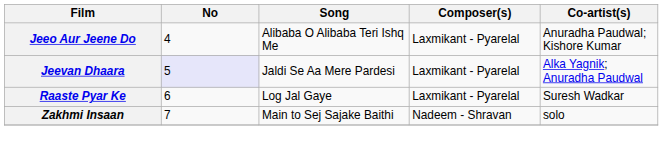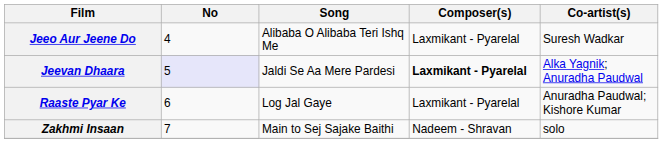 <table class="wikitable plainrowheaders" style="width:100%; textcolor:#000">
 <tr>
 <th scope="col" style="width:24%;">Film</th>
 <th>No</th>
 <th scope="col" style="width:23%;">Song</th>
 <th scope="col" style="width:20%;">Composer(s)</th>
 <th scope="col" style="width:18%;">Co-artist(s)</th>
 </tr>
 <tr>
 <th><em><a href='#'>Jeeo Aur Jeene Do</a></em></th>
 <td>4</td>
 <td>Alibaba O Alibaba Teri Ishq Me</td>
 <td>Laxmikant - Pyarelal</td>
-<td>Anuradha Paudwal;  Kishore Kumar</td>
+<td>Suresh Wadkar</td>
 </tr>
 <tr>
 <th><em><a href='#'>Jeevan Dhaara</a></em></th>
 <td style="background: lavender;">5</td>
 <td>Jaldi Se Aa Mere Pardesi</td>
-<td>Laxmikant - Pyarelal</td>
+<td><strong>Laxmikant - Pyarelal</strong></td>
 <td><a href='#'>Alka Yagnik</a>; <a href='#'>Anuradha Paudwal</a></td>
 </tr>
 <tr>
 <th><em><a href='#'>Raaste Pyar Ke</a></em></th>
 <td>6</td>
 <td>Log Jal Gaye</td>
 <td>Laxmikant - Pyarelal</td>
-<td>Suresh Wadkar</td>
+<td>Anuradha Paudwal;  Kishore Kumar</td>
 </tr>
 <tr>
 <th><em>Zakhmi Insaan</em></th>
 <td>7</td>
 <td>Main to Sej Sajake Baithi</td>
 <td>Nadeem - Shravan</td>
 <td>solo</td>
 </tr>
 <tr>
 </tr>
 </table>
